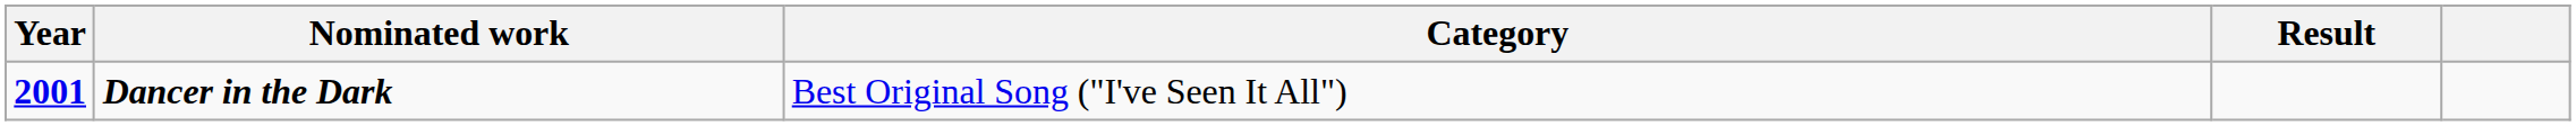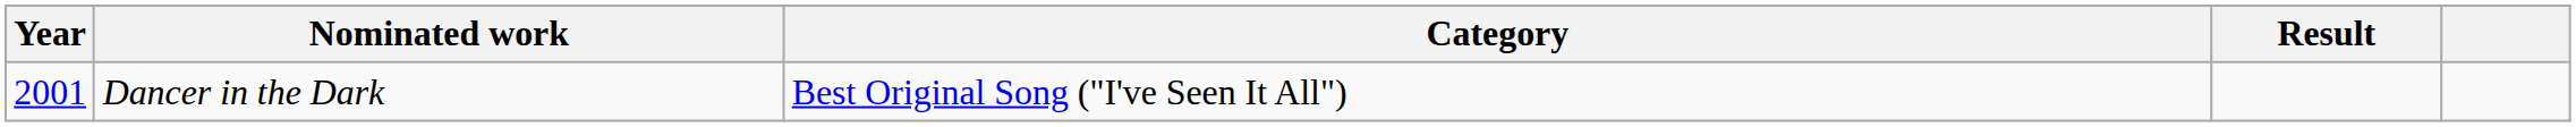 <table class=wikitable width=90%>
 <tr>
 <th width=3%>Year</th>
 <th width=27%>Nominated work</th>
 <th width=56%>Category</th>
 <th width=9%>Result</th>
 <th width=5%></th>
 </tr>
 <tr>
-<td><strong><a href='#'>2001</a></strong></td>
-<td><strong><em>Dancer in the Dark</em></strong></td>
+<td><a href='#'>2001</a></td>
+<td><em>Dancer in the Dark</em></td>
 <td><a href='#'>Best Original Song</a> ("I've Seen It All")</td>
 <td></td>
 <td style="text-align:center;"></td>
 </tr>
 </table>
